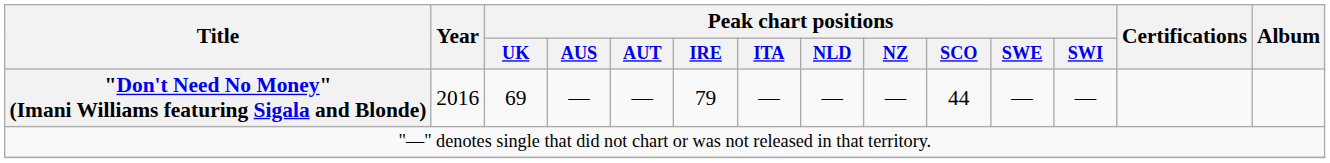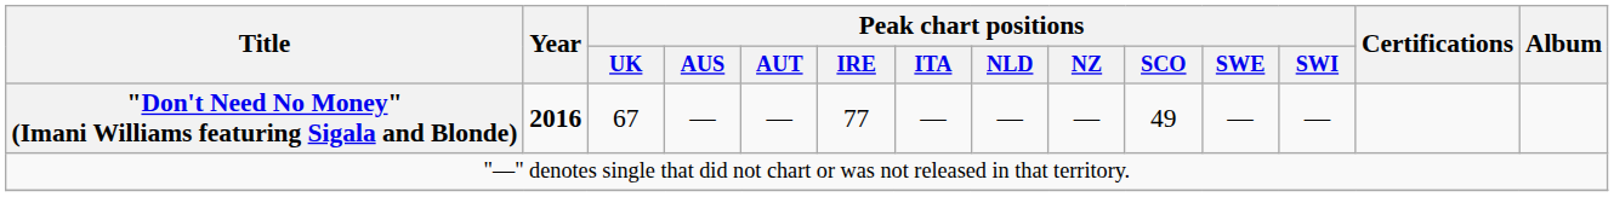 <table class="wikitable plainrowheaders" style="text-align:center;">
 <tr>
 <th scope="col" rowspan="2">Title</th>
 <th scope="col" rowspan="2">Year</th>
 <th scope="col" colspan="10">Peak chart positions</th>
 <th scope="col" rowspan="2">Certifications</th>
 <th scope="col" rowspan="2">Album</th>
 </tr>
 <tr>
 <th scope="col" style="width:3em;font-size:85%;"><a href='#'>UK</a><br></th>
 <th scope="col" style="width:3em;font-size:85%;"><a href='#'>AUS</a><br></th>
 <th scope="col" style="width:3em; font-size:85%;"><a href='#'>AUT</a><br></th>
 <th scope="col" style="width:3em;font-size:85%;"><a href='#'>IRE</a><br></th>
 <th scope="col" style="width:3em;font-size:85%;"><a href='#'>ITA</a><br></th>
 <th scope="col" style="width:3em;font-size:85%;"><a href='#'>NLD</a><br></th>
 <th scope="col" style="width:3em;font-size:85%;"><a href='#'>NZ</a><br></th>
 <th scope="col" style="width:3em;font-size:85%;"><a href='#'>SCO</a></th>
 <th scope="col" style="width:3em;font-size:85%;"><a href='#'>SWE</a><br></th>
 <th scope="col" style="width:3em;font-size:85%;"><a href='#'>SWI</a><br></th>
 </tr>
 <tr>
 <th scope="row">"<a href='#'>Don't Need No Money</a>"<br><span>(Imani Williams featuring <a href='#'>Sigala</a> and Blonde)</span></th>
-<td>2016</td>
-<td>69</td>
+<td><strong>2016</strong></td>
+<td>67</td>
 <td>—</td>
 <td>—</td>
-<td>79</td>
+<td>77</td>
 <td>—</td>
 <td>—</td>
 <td>—</td>
-<td>44</td>
+<td>49</td>
 <td>—</td>
 <td>—</td>
 <td></td>
 <td></td>
 </tr>
 <tr>
 <td colspan="20" style="font-size:85%">"—" denotes single that did not chart or was not released in that territory.</td>
 </tr>
 <tr>
 </tr>
 </table>
